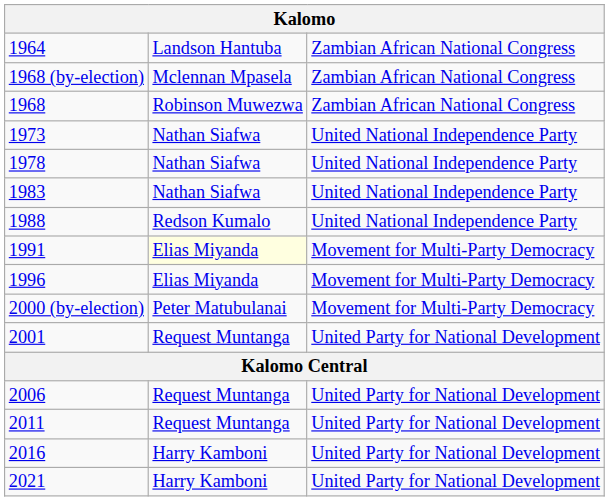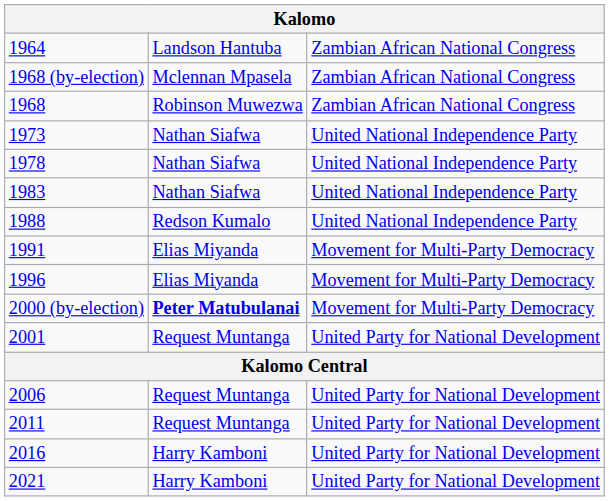 <table class="wikitable">
 <tr>
 <th colspan="3">Kalomo</th>
 </tr>
 <tr>
 <td><a href='#'>1964</a></td>
 <td><a href='#'>Landson Hantuba</a></td>
 <td><a href='#'>Zambian African National Congress</a></td>
 </tr>
 <tr>
 <td><a href='#'>1968 (by-election)</a></td>
 <td><a href='#'>Mclennan Mpasela</a></td>
 <td><a href='#'>Zambian African National Congress</a></td>
 </tr>
 <tr>
 <td><a href='#'>1968</a></td>
 <td><a href='#'>Robinson Muwezwa</a></td>
 <td><a href='#'>Zambian African National Congress</a></td>
 </tr>
 <tr>
 <td><a href='#'>1973</a></td>
 <td><a href='#'>Nathan Siafwa</a></td>
 <td><a href='#'>United National Independence Party</a></td>
 </tr>
 <tr>
 <td><a href='#'>1978</a></td>
 <td><a href='#'>Nathan Siafwa</a></td>
 <td><a href='#'>United National Independence Party</a></td>
 </tr>
 <tr>
 <td><a href='#'>1983</a></td>
 <td><a href='#'>Nathan Siafwa</a></td>
 <td><a href='#'>United National Independence Party</a></td>
 </tr>
 <tr>
 <td><a href='#'>1988</a></td>
 <td><a href='#'>Redson Kumalo</a></td>
 <td><a href='#'>United National Independence Party</a></td>
 </tr>
 <tr>
 <td><a href='#'>1991</a></td>
-<td style="background: lightyellow;"><a href='#'>Elias Miyanda</a></td>
+<td><a href='#'>Elias Miyanda</a></td>
 <td><a href='#'>Movement for Multi-Party Democracy</a></td>
 </tr>
 <tr>
 <td><a href='#'>1996</a></td>
 <td><a href='#'>Elias Miyanda</a></td>
 <td><a href='#'>Movement for Multi-Party Democracy</a></td>
 </tr>
 <tr>
 <td><a href='#'>2000 (by-election)</a></td>
-<td><a href='#'>Peter Matubulanai</a></td>
+<td><strong><a href='#'>Peter Matubulanai</a></strong></td>
 <td><a href='#'>Movement for Multi-Party Democracy</a></td>
 </tr>
 <tr>
 <td><a href='#'>2001</a></td>
 <td><a href='#'>Request Muntanga</a></td>
 <td><a href='#'>United Party for National Development</a></td>
 </tr>
 <tr>
 <th colspan="3">Kalomo Central</th>
 </tr>
 <tr>
 <td><a href='#'>2006</a></td>
 <td><a href='#'>Request Muntanga</a></td>
 <td><a href='#'>United Party for National Development</a></td>
 </tr>
 <tr>
 <td><a href='#'>2011</a></td>
 <td><a href='#'>Request Muntanga</a></td>
 <td><a href='#'>United Party for National Development</a></td>
 </tr>
 <tr>
 <td><a href='#'>2016</a></td>
 <td><a href='#'>Harry Kamboni</a></td>
 <td><a href='#'>United Party for National Development</a></td>
 </tr>
 <tr>
 <td><a href='#'>2021</a></td>
 <td><a href='#'>Harry Kamboni</a></td>
 <td><a href='#'>United Party for National Development</a></td>
 </tr>
 </table>
